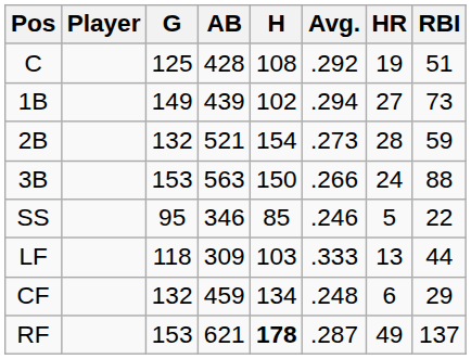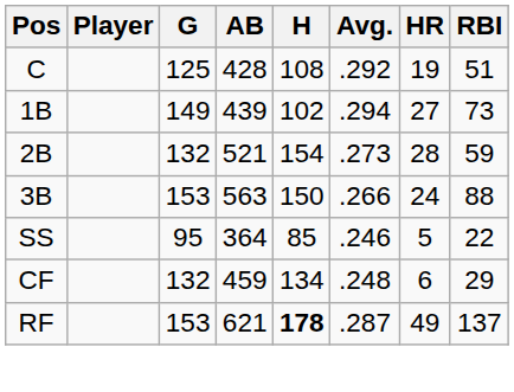 <table class="wikitable sortable" style="text-align:center">
 <tr>
 <th>Pos</th>
 <th>Player</th>
 <th>G</th>
 <th>AB</th>
 <th>H</th>
 <th>Avg.</th>
 <th>HR</th>
 <th>RBI</th>
 </tr>
 <tr>
 <td>C</td>
 <td></td>
 <td>125</td>
 <td>428</td>
 <td>108</td>
 <td>.292</td>
 <td>19</td>
 <td>51</td>
 </tr>
 <tr>
 <td>1B</td>
 <td></td>
 <td>149</td>
 <td>439</td>
 <td>102</td>
 <td>.294</td>
 <td>27</td>
 <td>73</td>
 </tr>
 <tr>
 <td>2B</td>
 <td></td>
 <td>132</td>
 <td>521</td>
 <td>154</td>
 <td>.273</td>
 <td>28</td>
 <td>59</td>
 </tr>
 <tr>
 <td>3B</td>
 <td></td>
 <td>153</td>
 <td>563</td>
 <td>150</td>
 <td>.266</td>
 <td>24</td>
 <td>88</td>
 </tr>
 <tr>
 <td>SS</td>
 <td></td>
 <td>95</td>
-<td>346</td>
+<td>364</td>
 <td>85</td>
 <td>.246</td>
 <td>5</td>
 <td>22</td>
-</tr>
-<tr>
-<td>LF</td>
-<td></td>
-<td>118</td>
-<td>309</td>
-<td>103</td>
-<td>.333</td>
-<td>13</td>
-<td>44</td>
 </tr>
 <tr>
 <td>CF</td>
 <td></td>
 <td>132</td>
 <td>459</td>
 <td>134</td>
 <td>.248</td>
 <td>6</td>
 <td>29</td>
 </tr>
 <tr>
 <td>RF</td>
 <td></td>
 <td>153</td>
 <td>621</td>
 <td><strong>178</strong></td>
 <td>.287</td>
 <td>49</td>
 <td>137</td>
 </tr>
 </table>
